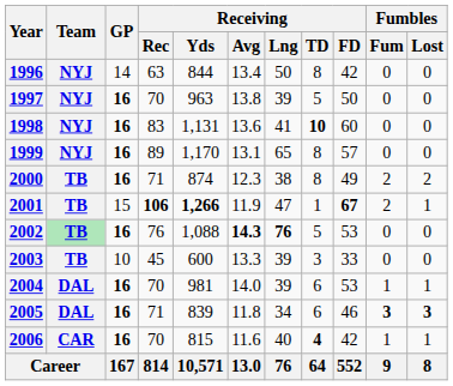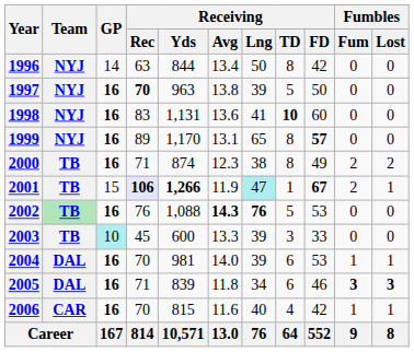 <table class=wikitable style="text-align:center;">
 <tr>
 <th rowspan="2">Year</th>
 <th rowspan="2">Team</th>
 <th rowspan="2">GP</th>
 <th colspan="6">Receiving</th>
 <th colspan="2">Fumbles</th>
 </tr>
 <tr>
 <th>Rec</th>
 <th>Yds</th>
 <th>Avg</th>
 <th>Lng</th>
 <th>TD</th>
 <th>FD</th>
 <th>Fum</th>
 <th>Lost</th>
 </tr>
 <tr>
 <th><a href='#'>1996</a></th>
 <th><a href='#'>NYJ</a></th>
 <td>14</td>
 <td>63</td>
 <td>844</td>
 <td>13.4</td>
 <td>50</td>
 <td>8</td>
 <td>42</td>
 <td>0</td>
 <td>0</td>
 </tr>
 <tr>
 <th><a href='#'>1997</a></th>
 <th><a href='#'>NYJ</a></th>
 <td><strong>16</strong></td>
-<td>70</td>
+<td><strong>70</strong></td>
 <td>963</td>
 <td>13.8</td>
 <td>39</td>
 <td>5</td>
 <td>50</td>
 <td>0</td>
 <td>0</td>
 </tr>
 <tr>
 <th><a href='#'>1998</a></th>
 <th><a href='#'>NYJ</a></th>
 <td><strong>16</strong></td>
 <td>83</td>
 <td>1,131</td>
 <td>13.6</td>
 <td>41</td>
 <td><strong>10</strong></td>
 <td>60</td>
 <td>0</td>
 <td>0</td>
 </tr>
 <tr>
 <th><a href='#'>1999</a></th>
 <th><a href='#'>NYJ</a></th>
 <td><strong>16</strong></td>
 <td>89</td>
 <td>1,170</td>
 <td>13.1</td>
 <td>65</td>
 <td>8</td>
-<td>57</td>
+<td><strong>57</strong></td>
 <td>0</td>
 <td>0</td>
 </tr>
 <tr>
 <th><a href='#'>2000</a></th>
 <th><a href='#'>TB</a></th>
 <td><strong>16</strong></td>
 <td>71</td>
 <td>874</td>
 <td>12.3</td>
 <td>38</td>
 <td>8</td>
 <td>49</td>
 <td>2</td>
 <td>2</td>
 </tr>
 <tr>
 <th><a href='#'>2001</a></th>
 <th><a href='#'>TB</a></th>
 <td>15</td>
-<td><strong>106</strong></td>
+<td style="background: lavender;"><strong>106</strong></td>
 <td><strong>1,266</strong></td>
 <td>11.9</td>
-<td>47</td>
+<td style="background: paleturquoise;">47</td>
 <td>1</td>
 <td><strong>67</strong></td>
 <td>2</td>
 <td>1</td>
 </tr>
 <tr>
 <th><a href='#'>2002</a></th>
 <th style="background:#afe6ba; width:3em;"><a href='#'>TB</a></th>
 <td><strong>16</strong></td>
 <td>76</td>
 <td>1,088</td>
 <td><strong>14.3</strong></td>
 <td><strong>76</strong></td>
 <td>5</td>
 <td>53</td>
 <td>0</td>
 <td>0</td>
 </tr>
 <tr>
 <th><a href='#'>2003</a></th>
 <th><a href='#'>TB</a></th>
-<td>10</td>
+<td style="background: paleturquoise;">10</td>
 <td>45</td>
 <td>600</td>
 <td>13.3</td>
 <td>39</td>
 <td>3</td>
 <td>33</td>
 <td>0</td>
 <td>0</td>
 </tr>
 <tr>
 <th><a href='#'>2004</a></th>
 <th><a href='#'>DAL</a></th>
 <td><strong>16</strong></td>
 <td>70</td>
 <td>981</td>
 <td>14.0</td>
 <td>39</td>
 <td>6</td>
 <td>53</td>
 <td>1</td>
 <td>1</td>
 </tr>
 <tr>
 <th><a href='#'>2005</a></th>
 <th><a href='#'>DAL</a></th>
 <td><strong>16</strong></td>
 <td>71</td>
 <td>839</td>
 <td>11.8</td>
 <td>34</td>
 <td>6</td>
 <td>46</td>
 <td><strong>3</strong></td>
 <td><strong>3</strong></td>
 </tr>
 <tr>
 <th><a href='#'>2006</a></th>
 <th><a href='#'>CAR</a></th>
 <td><strong>16</strong></td>
 <td>70</td>
 <td>815</td>
 <td>11.6</td>
 <td>40</td>
-<td><strong>4</strong></td>
+<td>4</td>
 <td>42</td>
 <td>1</td>
 <td>1</td>
 </tr>
 <tr>
 <th colspan="2">Career</th>
 <th>167</th>
 <th>814</th>
 <th>10,571</th>
 <th>13.0</th>
 <th>76</th>
 <th>64</th>
 <th>552</th>
 <th>9</th>
 <th>8</th>
 </tr>
 </table>
